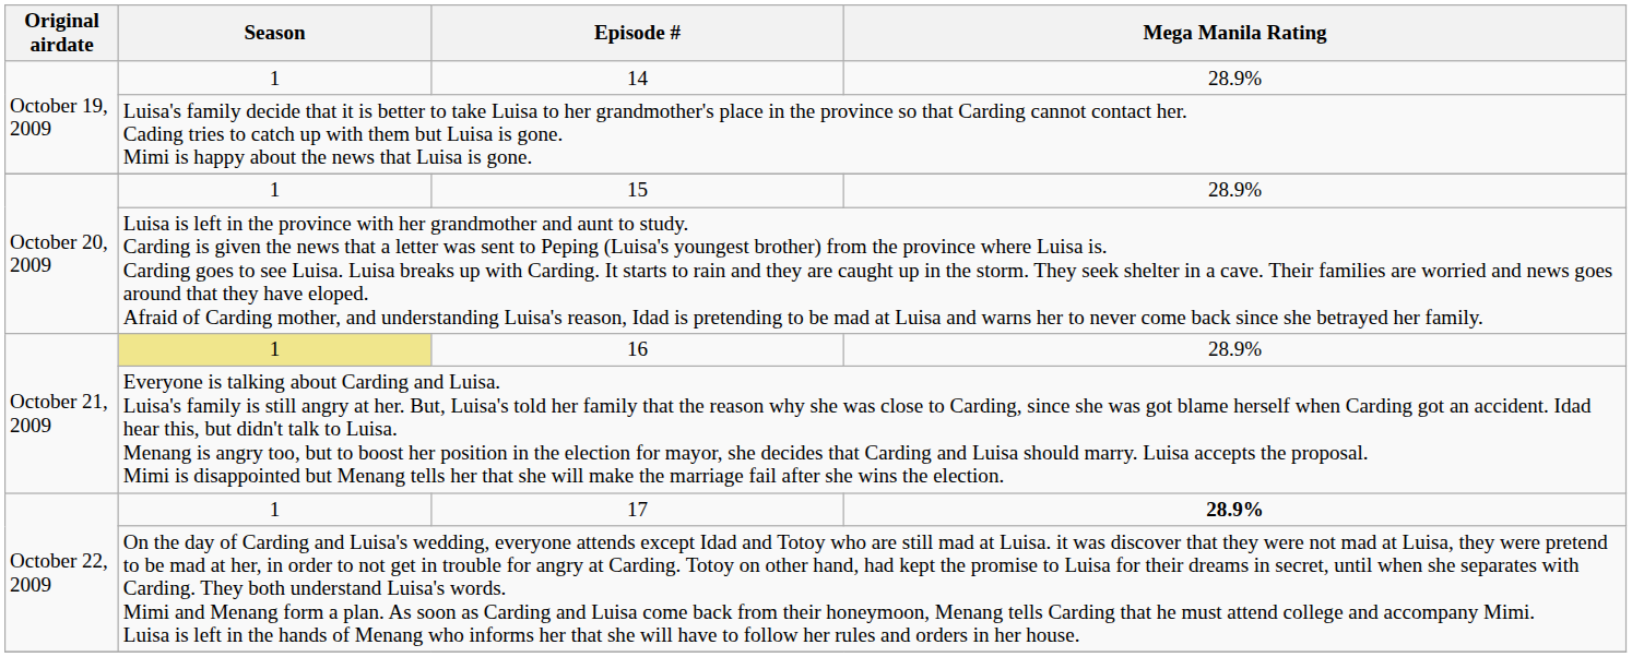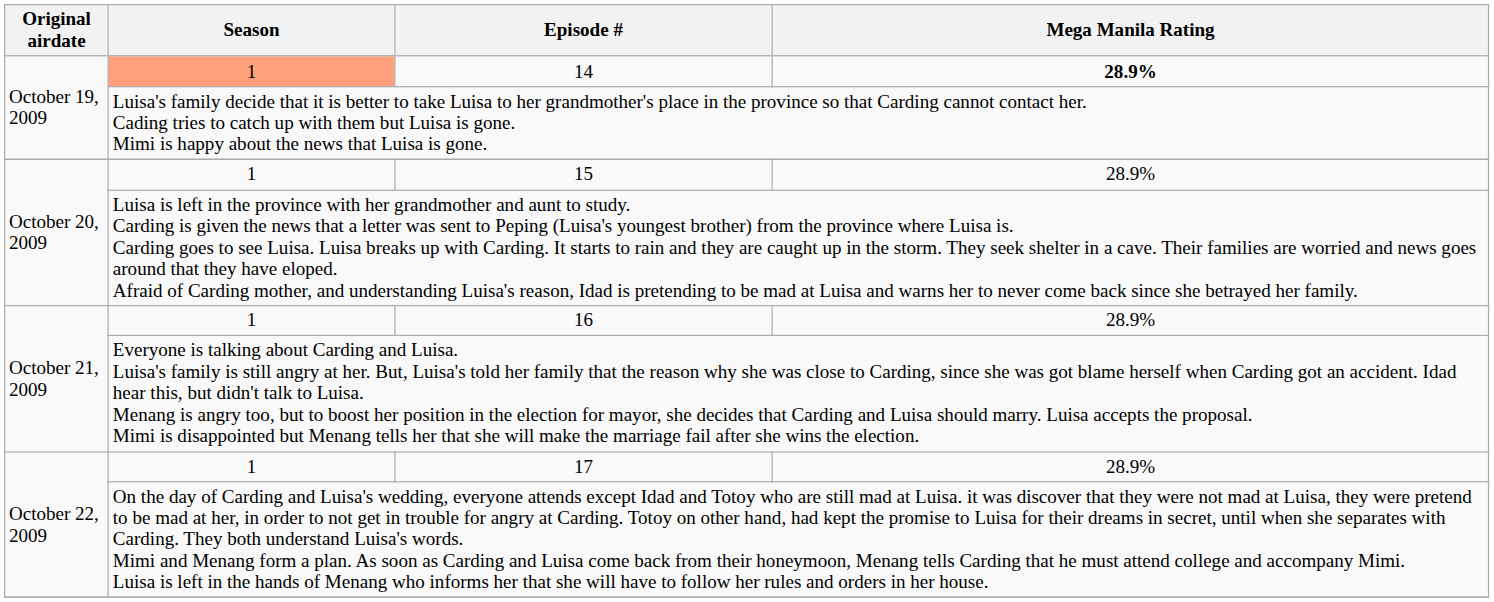 <table class="wikitable">
 <tr>
 <th>Original airdate</th>
 <th>Season</th>
 <th>Episode #</th>
 <th>Mega Manila Rating</th>
 </tr>
 <tr>
 <td rowspan="2">October 19, 2009</td>
-<td align="center">1</td>
+<td align="center" style="background: lightsalmon;">1</td>
 <td align="center">14</td>
-<td align="center">28.9%</td>
+<td align="center"><strong>28.9%</strong></td>
 </tr>
 <tr>
 <td colspan="5">Luisa's family decide that it is better to take Luisa to her grandmother's place in the province so that Carding cannot contact her.<br>Cading tries to catch up with them but Luisa is gone.<br>Mimi is happy about the news that Luisa is gone.</td>
 </tr>
 <tr>
 </tr>
 <tr>
 <td rowspan="2">October 20, 2009</td>
 <td align="center">1</td>
 <td align="center">15</td>
 <td align="center">28.9%</td>
 </tr>
 <tr>
 <td colspan="5">Luisa is left in the province with her grandmother and aunt to study.<br>Carding is given the news that a letter was sent to Peping (Luisa's youngest brother) from the province where Luisa is.<br>Carding goes to see Luisa. Luisa breaks up with Carding. It starts to rain and they are caught up in the storm. They seek shelter in a cave. Their families are worried and news goes around that they have eloped.<br>Afraid of Carding mother, and understanding Luisa's reason, Idad is pretending to be mad at Luisa and warns her to never come back since she betrayed her family.</td>
 </tr>
 <tr>
 <td rowspan="2">October 21, 2009</td>
-<td align="center" style="background: khaki;">1</td>
+<td align="center">1</td>
 <td align="center">16</td>
 <td align="center">28.9%</td>
 </tr>
 <tr>
 <td colspan="5">Everyone is talking about Carding and Luisa.<br>Luisa's family is still angry at her. But, Luisa's told her family that the reason why she was close to Carding, since she was got blame herself when Carding got an accident. Idad hear this, but didn't talk to Luisa.<br>Menang is angry too, but to boost her position in the election for mayor, she decides that Carding and Luisa should marry. Luisa accepts the proposal.<br>Mimi is disappointed but Menang tells her that she will make the marriage fail after she wins the election.</td>
 </tr>
 <tr>
 <td rowspan="2">October 22, 2009</td>
 <td align="center">1</td>
 <td align="center">17</td>
-<td align="center"><strong>28.9%</strong></td>
+<td align="center">28.9%</td>
 </tr>
 <tr>
 <td colspan="5">On the day of Carding and Luisa's wedding, everyone attends except Idad and Totoy who are still mad at Luisa. it was discover that they were not mad at Luisa, they were pretend to be mad at her, in order to not get in trouble for angry at Carding. Totoy on other hand, had kept the promise to Luisa for their dreams in secret, until when she separates with Carding. They both understand Luisa's words.<br>Mimi and Menang form a plan. As soon as Carding and Luisa come back from their honeymoon, Menang tells Carding that he must attend college and accompany Mimi.<br>Luisa is left in the hands of Menang who informs her that she will have to follow her rules and orders in her house.</td>
 </tr>
 <tr>
 </tr>
 </table>
